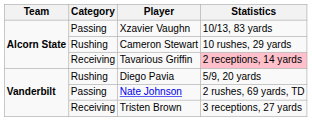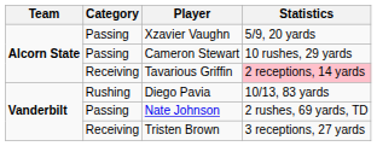 <table class="wikitable" style="float: right;">
 <tr>
 <th>Team</th>
 <th>Category</th>
 <th>Player</th>
 <th>Statistics</th>
 </tr>
 <tr>
 <td rowspan=3><strong>Alcorn State</strong></td>
 <td>Passing</td>
 <td>Xzavier Vaughn</td>
-<td>10/13, 83 yards</td>
+<td>5/9, 20 yards</td>
 </tr>
 <tr>
-<td>Rushing</td>
+<td>Passing</td>
 <td>Cameron Stewart</td>
 <td>10 rushes, 29 yards</td>
 </tr>
 <tr>
 <td>Receiving</td>
 <td>Tavarious Griffin</td>
 <td style="background: pink;">2 receptions, 14 yards</td>
 </tr>
 <tr>
 <td rowspan=3><strong>Vanderbilt</strong></td>
 <td>Rushing</td>
 <td>Diego Pavia</td>
-<td>5/9, 20 yards</td>
+<td>10/13, 83 yards</td>
 </tr>
 <tr>
 <td>Passing</td>
 <td><a href='#'>Nate Johnson</a></td>
 <td>2 rushes, 69 yards, TD</td>
 </tr>
 <tr>
 <td>Receiving</td>
 <td>Tristen Brown</td>
 <td>3 receptions, 27 yards</td>
 </tr>
 </table>
